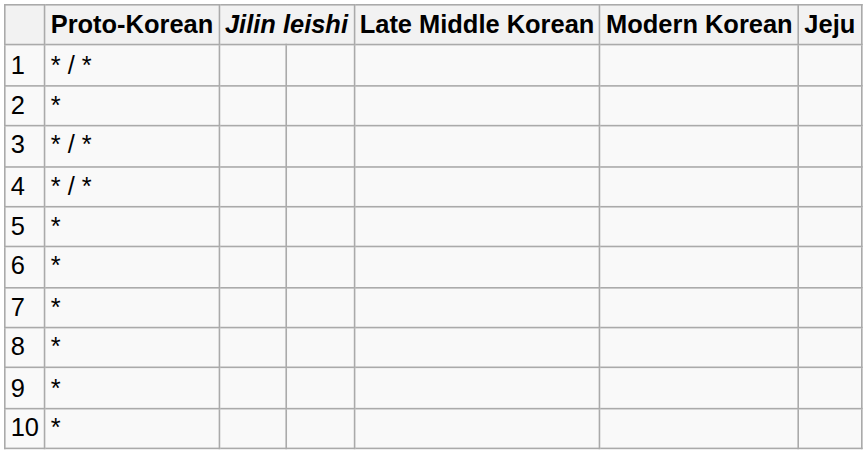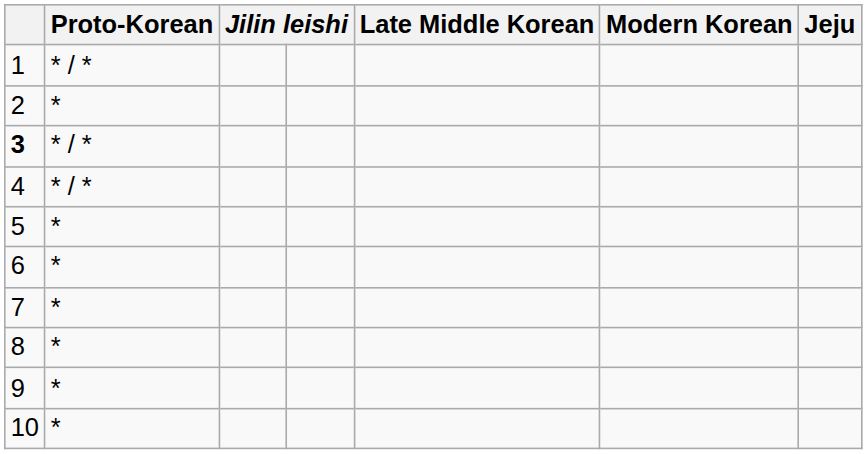 <table class="wikitable">
 <tr>
 <th></th>
 <th>Proto-Korean</th>
 <th colspan="2"><em>Jilin leishi</em></th>
 <th>Late Middle Korean</th>
 <th>Modern Korean</th>
 <th>Jeju</th>
 </tr>
 <tr>
 <td>1</td>
 <td>* / *</td>
 <td></td>
 <td></td>
 <td></td>
 <td></td>
 <td></td>
 </tr>
 <tr>
 <td>2</td>
 <td>*</td>
 <td></td>
 <td></td>
 <td></td>
 <td></td>
 <td></td>
 </tr>
 <tr>
-<td>3</td>
+<td><strong>3</strong></td>
 <td>* / *</td>
 <td></td>
 <td></td>
 <td></td>
 <td></td>
 <td></td>
 </tr>
 <tr>
 <td>4</td>
 <td>* / *</td>
 <td></td>
 <td></td>
 <td></td>
 <td></td>
 <td></td>
 </tr>
 <tr>
 <td>5</td>
 <td>*</td>
 <td></td>
 <td></td>
 <td></td>
 <td></td>
 <td></td>
 </tr>
 <tr>
 <td>6</td>
 <td>*</td>
 <td></td>
 <td></td>
 <td></td>
 <td></td>
 <td></td>
 </tr>
 <tr>
 <td>7</td>
 <td>*</td>
 <td></td>
 <td></td>
 <td></td>
 <td></td>
 <td></td>
 </tr>
 <tr>
 <td>8</td>
 <td>*</td>
 <td></td>
 <td></td>
 <td></td>
 <td></td>
 <td></td>
 </tr>
 <tr>
 <td>9</td>
 <td>*</td>
 <td></td>
 <td></td>
 <td></td>
 <td></td>
 <td></td>
 </tr>
 <tr>
 <td>10</td>
 <td>*</td>
 <td></td>
 <td></td>
 <td></td>
 <td></td>
 <td></td>
 </tr>
 </table>
